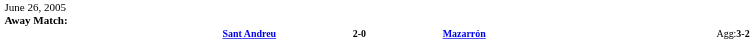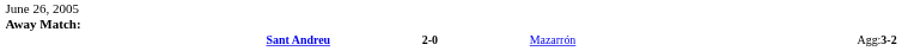 <table width=100% cellspacing=1>
 <tr>
 <th width=20%></th>
 <th width=12%></th>
 <th width=20%></th>
 <th></th>
 </tr>
 <tr>
 <td>June 26, 2005<br><strong>Away Match:</strong></td>
 </tr>
 <tr style=font-size:90%>
 <td align=right><strong><a href='#'>Sant Andreu</a></strong></td>
 <td align=center><strong>2-0</strong></td>
-<td><strong><a href='#'>Mazarrón</a></strong></td>
+<td><a href='#'>Mazarrón</a></td>
 <td>Agg:<strong>3-2</strong></td>
 </tr>
 </table>
